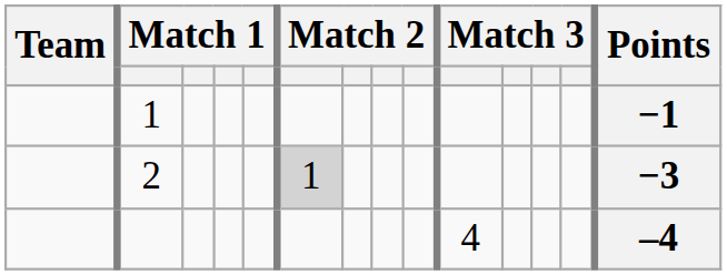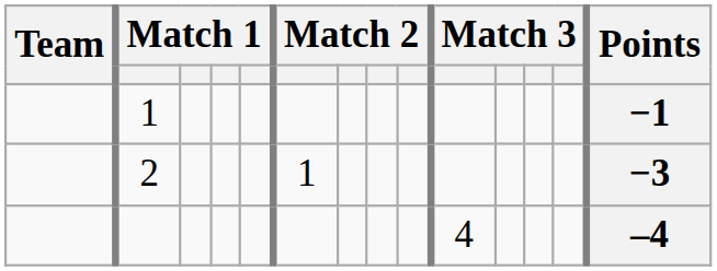 <table class="wikitable sortable" style="text-align:center;">
 <tr>
 <th rowspan=2>Team</th>
 <th colspan=4 style="border-left:3px solid gray">Match 1</th>
 <th colspan=4 style="border-left:3px solid gray">Match 2</th>
 <th colspan=4 style="border-left:3px solid gray">Match 3</th>
 <th rowspan=2 style="border-left:3px solid gray">Points</th>
 </tr>
 <tr>
 <th style="border-left:3px solid gray"></th>
 <th></th>
 <th></th>
 <th></th>
 <th style="border-left:3px solid gray"></th>
 <th></th>
 <th></th>
 <th></th>
 <th style="border-left:3px solid gray"></th>
 <th></th>
 <th></th>
 <th></th>
 </tr>
 <tr>
 <td align=left></td>
 <td style="border-left:3px solid gray">1</td>
 <td></td>
 <td></td>
 <td></td>
 <td style="border-left:3px solid gray"></td>
 <td></td>
 <td></td>
 <td></td>
 <td style="border-left:3px solid gray"></td>
 <td></td>
 <td></td>
 <td></td>
 <th style="border-left:3px solid gray">−1</th>
 </tr>
 <tr>
 <td align=left></td>
 <td style="border-left:3px solid gray">2</td>
 <td></td>
 <td></td>
 <td></td>
-<td style="background: lightgrey; border-left:3px solid gray">1</td>
+<td style="border-left:3px solid gray">1</td>
 <td></td>
 <td></td>
 <td></td>
 <td style="border-left:3px solid gray"></td>
 <td></td>
 <td></td>
 <td></td>
 <th style="border-left:3px solid gray">−3</th>
 </tr>
 <tr>
 <td align=left></td>
 <td style="border-left:3px solid gray"></td>
 <td></td>
 <td></td>
 <td></td>
 <td style="border-left:3px solid gray"></td>
 <td></td>
 <td></td>
 <td></td>
 <td style="border-left:3px solid gray">4</td>
 <td></td>
 <td></td>
 <td></td>
 <th style="border-left:3px solid gray">–4</th>
 </tr>
 </table>
